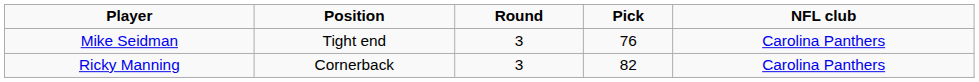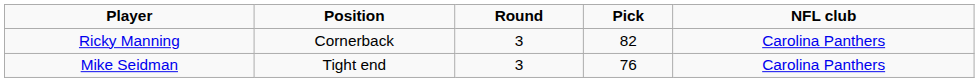 <table class="wikitable" width="80%">
 <tr align="center">
 <td><strong>Player</strong></td>
 <td><strong>Position</strong></td>
 <td><strong>Round</strong></td>
 <td><strong>Pick</strong></td>
 <td><strong>NFL club</strong></td>
 </tr>
 <tr align="center" bgcolor="">
+<td><a href='#'>Ricky Manning</a></td>
+<td>Cornerback</td>
+<td>3</td>
+<td>82</td>
+<td><a href='#'>Carolina Panthers</a></td>
+</tr>
+<tr align="center" bgcolor="">
 <td><a href='#'>Mike Seidman</a></td>
 <td>Tight end</td>
 <td>3</td>
 <td>76</td>
 <td><a href='#'>Carolina Panthers</a></td>
 </tr>
-<tr align="center" bgcolor="">
-<td><a href='#'>Ricky Manning</a></td>
-<td>Cornerback</td>
-<td>3</td>
-<td>82</td>
-<td><a href='#'>Carolina Panthers</a></td>
-</tr>
 </table>
